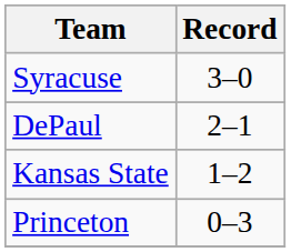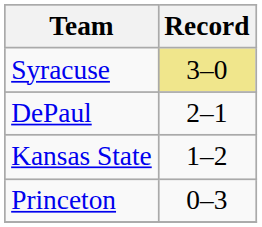 <table class="wikitable" style="text-align:center">
 <tr>
 <th>Team</th>
 <th>Record</th>
 </tr>
 <tr>
 <td align=left><a href='#'>Syracuse</a></td>
-<td>3–0</td>
+<td style="background: khaki;">3–0</td>
 </tr>
 <tr>
 <td align=left><a href='#'>DePaul</a></td>
 <td>2–1</td>
 </tr>
 <tr>
 <td align=left><a href='#'>Kansas State</a></td>
 <td>1–2</td>
 </tr>
 <tr>
 <td align=left><a href='#'>Princeton</a></td>
 <td>0–3</td>
 </tr>
 <tr>
 </tr>
 </table>
